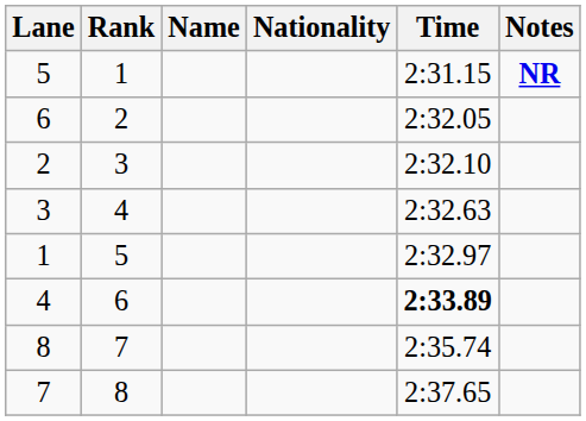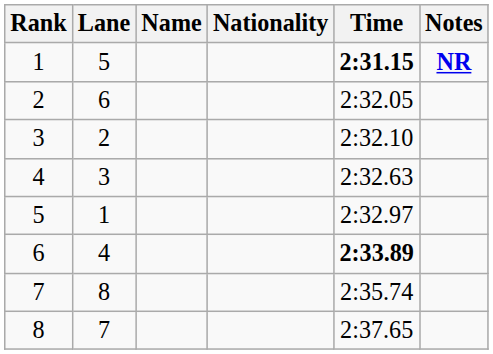 <table class="wikitable sortable" style="text-align:center">
 <tr>
+<th>Rank</th>
 <th>Lane</th>
-<th>Rank</th>
 <th>Name</th>
 <th>Nationality</th>
 <th>Time</th>
 <th>Notes</th>
 </tr>
 <tr>
+<td>1</td>
 <td>5</td>
-<td>1</td>
 <td align="left"></td>
 <td align="left"></td>
-<td>2:31.15</td>
+<td><strong>2:31.15</strong></td>
 <td><strong><a href='#'>NR</a></strong></td>
 </tr>
 <tr>
+<td>2</td>
 <td>6</td>
-<td>2</td>
 <td align="left"></td>
 <td align="left"></td>
 <td>2:32.05</td>
 <td></td>
 </tr>
 <tr>
+<td>3</td>
 <td>2</td>
-<td>3</td>
 <td align="left"></td>
 <td align="left"></td>
 <td>2:32.10</td>
 <td></td>
 </tr>
 <tr>
+<td>4</td>
 <td>3</td>
-<td>4</td>
 <td align="left"></td>
 <td align="left"></td>
 <td>2:32.63</td>
 <td></td>
 </tr>
 <tr>
+<td>5</td>
 <td>1</td>
-<td>5</td>
 <td align="left"></td>
 <td align="left"></td>
 <td>2:32.97</td>
 <td></td>
 </tr>
 <tr>
+<td>6</td>
 <td>4</td>
-<td>6</td>
 <td align="left"></td>
 <td align="left"></td>
 <td><strong>2:33.89</strong></td>
+<td></td>
+</tr>
+<tr>
+<td>7</td>
+<td>8</td>
+<td align="left"></td>
+<td align="left"></td>
+<td>2:35.74</td>
 <td></td>
 </tr>
 <tr>
 <td>8</td>
 <td>7</td>
 <td align="left"></td>
 <td align="left"></td>
-<td>2:35.74</td>
-<td></td>
-</tr>
-<tr>
-<td>7</td>
-<td>8</td>
-<td align="left"></td>
-<td align="left"></td>
 <td>2:37.65</td>
 <td></td>
 </tr>
 </table>
